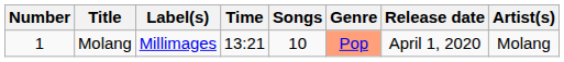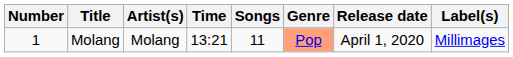 <table class="wikitable sortable" style="text-align: center;">
 <tr>
 <th>Number</th>
 <th>Title</th>
-<th>Label(s)</th>
+<th>Artist(s)</th>
 <th>Time</th>
 <th>Songs</th>
 <th>Genre</th>
 <th>Release date</th>
-<th>Artist(s)</th>
+<th>Label(s)</th>
 </tr>
 <tr>
 <td>1</td>
 <td>Molang</td>
-<td><a href='#'>Millimages</a></td>
+<td>Molang</td>
 <td>13:21</td>
-<td>10</td>
+<td>11</td>
 <td style="background: lightsalmon;"><a href='#'>Pop</a></td>
 <td>April 1, 2020</td>
-<td>Molang</td>
+<td><a href='#'>Millimages</a></td>
 </tr>
 </table>
